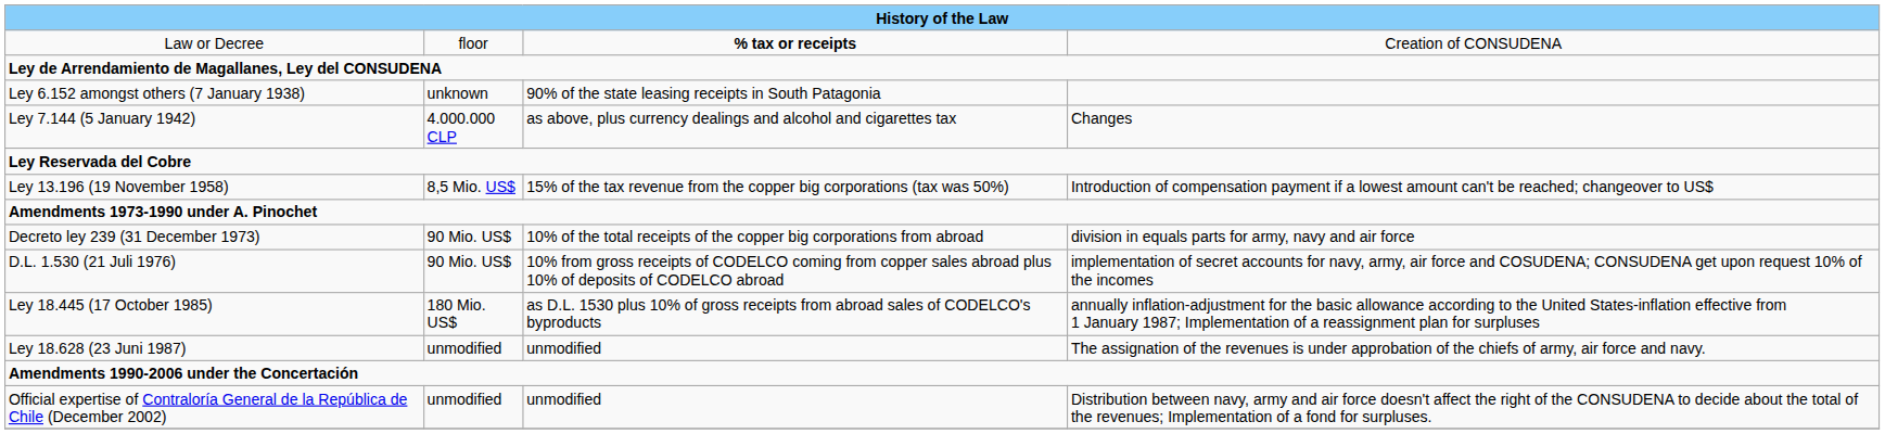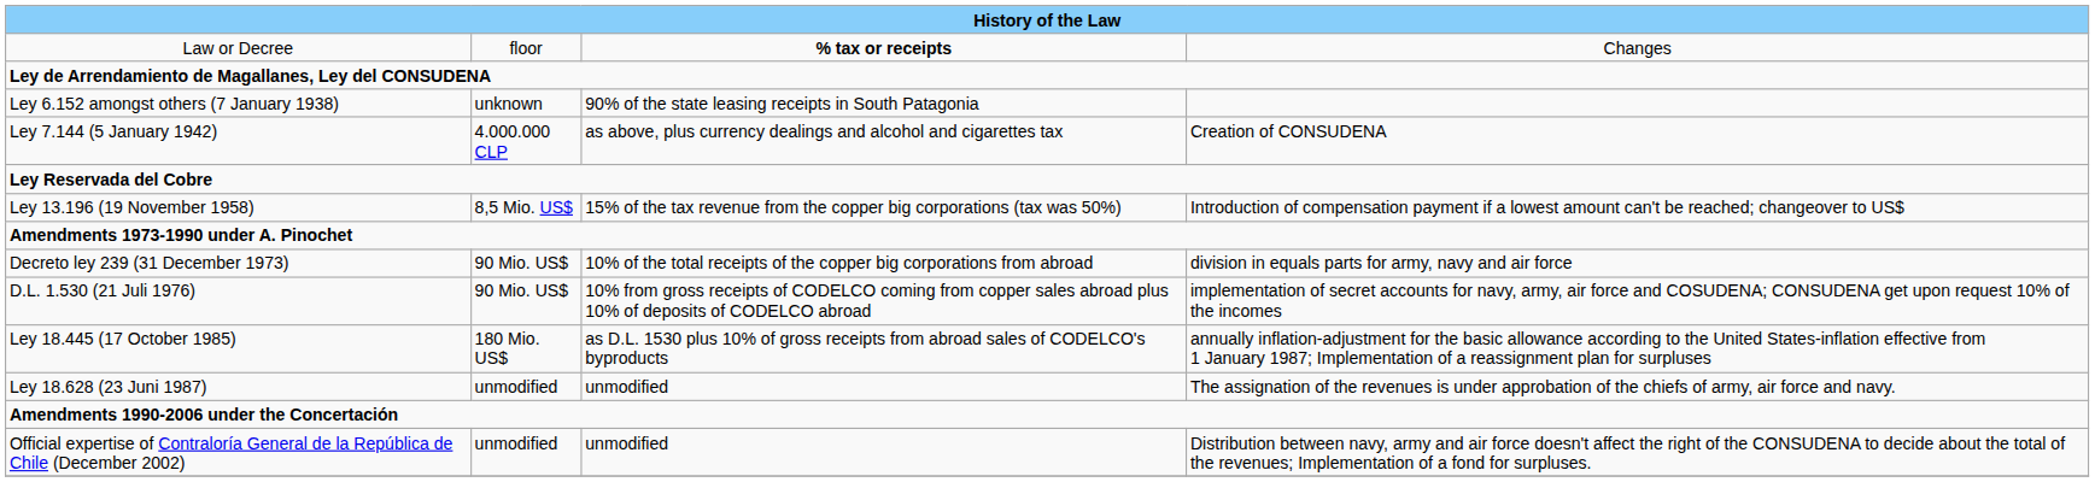 <table class="wikitable float-right;" align="center" style="font-size:80%;">
 <tr>
 <th style="background:Lightskyblue;fontcolor:white;" colspan="4">History of the Law</th>
 </tr>
 <tr valign="top" align="center" style="height: 10px;">
 <td>Law or Decree</td>
 <td>floor</td>
 <td><strong>% tax or receipts</strong></td>
-<td>Creation of CONSUDENA</td>
+<td>Changes</td>
 </tr>
 <tr valign="top">
 <td colspan="4"><strong>Ley de Arrendamiento de Magallanes, Ley del CONSUDENA</strong></td>
 </tr>
 <tr valign="top">
 <td>Ley 6.152 amongst others (7 January 1938)</td>
 <td>unknown</td>
 <td>90% of the state leasing receipts in South Patagonia</td>
 <td></td>
 </tr>
 <tr valign="top">
 <td>Ley 7.144 (5 January 1942)</td>
 <td>4.000.000 <a href='#'>CLP</a></td>
 <td>as above, plus currency dealings and alcohol and cigarettes tax</td>
-<td>Changes</td>
+<td>Creation of CONSUDENA</td>
 </tr>
 <tr valign="top" colspan="4">
 <td colspan="4"><strong>Ley Reservada del Cobre</strong></td>
 </tr>
 <tr valign="top">
 <td>Ley 13.196 (19 November 1958)</td>
 <td>8,5 Mio. <a href='#'>US$</a></td>
 <td>15% of the tax revenue from the copper big corporations (tax was 50%)</td>
 <td>Introduction of compensation payment if a lowest amount can't be reached; changeover to US$</td>
 </tr>
 <tr valign="top">
 <td colspan="4"><strong>Amendments 1973-1990 under A. Pinochet</strong></td>
 </tr>
 <tr valign="top">
 <td>Decreto ley 239 (31 December 1973)</td>
 <td>90 Mio. US$</td>
 <td>10% of the total receipts of the copper big corporations from abroad</td>
 <td>division in equals parts for army, navy and air force</td>
 </tr>
 <tr valign="top">
 <td>D.L. 1.530 (21 Juli 1976)</td>
 <td>90 Mio. US$</td>
 <td>10% from gross receipts of CODELCO coming from copper sales abroad plus 10% of deposits of CODELCO abroad</td>
 <td>implementation of secret accounts for navy, army, air force and COSUDENA; CONSUDENA get upon request 10% of the incomes</td>
 </tr>
 <tr valign="top">
 <td>Ley 18.445  (17 October 1985)</td>
 <td>180 Mio. US$</td>
 <td>as D.L. 1530 plus 10% of gross receipts from abroad sales of CODELCO's byproducts</td>
 <td>annually inflation-adjustment for the basic allowance according to the United States-inflation effective from 1 January 1987; Implementation of a reassignment plan for surpluses</td>
 </tr>
 <tr valign="top">
 <td>Ley 18.628 (23 Juni 1987)</td>
 <td>unmodified</td>
 <td>unmodified</td>
 <td>The assignation of the revenues is under approbation of the chiefs of army, air force and navy.</td>
 </tr>
 <tr valign="top">
 <td colspan="4"><strong>Amendments 1990-2006 under the Concertación</strong></td>
 </tr>
 <tr valign="top">
 <td>Official expertise of <a href='#'>Contraloría General de la República de Chile</a> (December 2002)</td>
 <td>unmodified</td>
 <td>unmodified</td>
 <td>Distribution between navy, army and air force doesn't affect the right of the CONSUDENA to decide about the total of the revenues; Implementation of a fond for surpluses.</td>
 </tr>
 <tr>
 </tr>
 </table>
